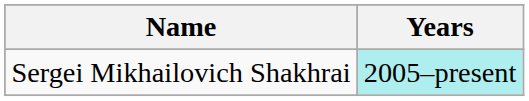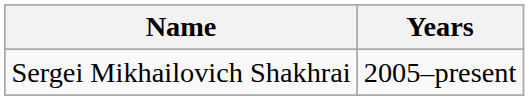 <table class="wikitable">
 <tr>
 <th>Name</th>
 <th>Years</th>
 </tr>
 <tr valign=top>
 <td>Sergei Mikhailovich Shakhrai</td>
-<td style="background: paleturquoise;">2005–present</td>
+<td>2005–present</td>
 </tr>
 </table>
